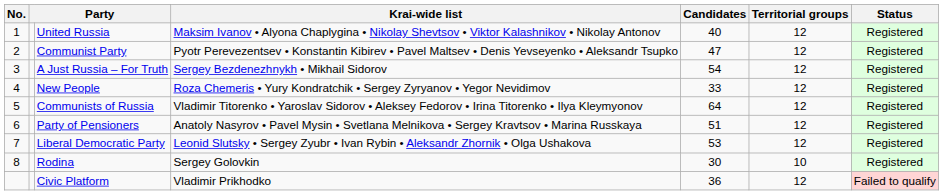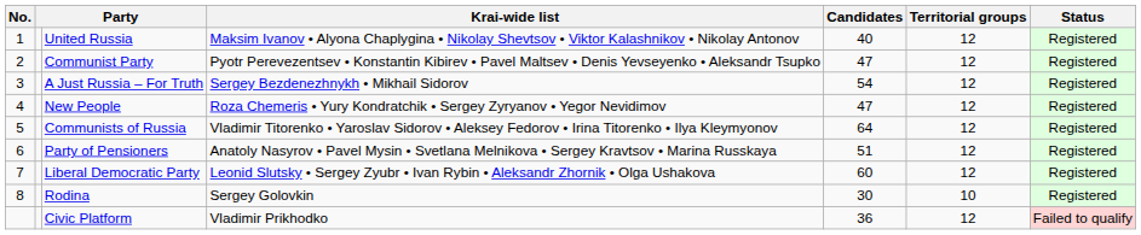 <table class="wikitable sortable" style="background: #f9f9f9; text-align:right; font-size: 95%">
 <tr>
 <th align=center>No.</th>
 <th colspan="2">Party</th>
 <th align=center>Krai-wide list</th>
 <th align=center>Candidates</th>
 <th align=center>Territorial groups</th>
 <th align=center>Status</th>
 </tr>
 <tr>
 <td align=center>1</td>
 <td style="background-color:"></td>
 <td align=left><a href='#'>United Russia</a></td>
 <td align=left><a href='#'>Maksim Ivanov</a> • Alyona Chaplygina • <a href='#'>Nikolay Shevtsov</a> • <a href='#'>Viktor Kalashnikov</a> • Nikolay Antonov</td>
 <td align=center>40</td>
 <td align=center>12</td>
 <td align=center bgcolor="#DFFFDF">Registered</td>
 </tr>
 <tr>
 <td align=center>2</td>
 <td style="background-color:"></td>
 <td align=left><a href='#'>Communist Party</a></td>
 <td align=left>Pyotr Perevezentsev • Konstantin Kibirev • Pavel Maltsev • Denis Yevseyenko • Aleksandr Tsupko</td>
 <td align=center>47</td>
 <td align=center>12</td>
 <td align=center bgcolor="#DFFFDF">Registered</td>
 </tr>
 <tr>
 <td align=center>3</td>
 <td style="background-color:"></td>
 <td align=left><a href='#'>A Just Russia – For Truth</a></td>
 <td align=left><a href='#'>Sergey Bezdenezhnykh</a> • Mikhail Sidorov</td>
 <td align=center>54</td>
 <td align=center>12</td>
 <td align=center bgcolor="#DFFFDF">Registered</td>
 </tr>
 <tr>
 <td align=center>4</td>
 <td style="background-color:"></td>
 <td align=left><a href='#'>New People</a></td>
 <td align=left><a href='#'>Roza Chemeris</a> • Yury Kondratchik • Sergey Zyryanov • Yegor Nevidimov</td>
-<td align=center>33</td>
+<td align=center>47</td>
 <td align=center>12</td>
 <td align=center bgcolor="#DFFFDF">Registered</td>
 </tr>
 <tr>
 <td align=center>5</td>
 <td style="background-color:"></td>
 <td align=left><a href='#'>Communists of Russia</a></td>
 <td align=left>Vladimir Titorenko • Yaroslav Sidorov • Aleksey Fedorov • Irina Titorenko • Ilya Kleymyonov</td>
 <td align=center>64</td>
 <td align=center>12</td>
 <td align=center bgcolor="#DFFFDF">Registered</td>
 </tr>
 <tr>
 <td align=center>6</td>
 <td style="background-color:"></td>
 <td align=left><a href='#'>Party of Pensioners</a></td>
 <td align=left>Anatoly Nasyrov • Pavel Mysin • Svetlana Melnikova • Sergey Kravtsov • Marina Russkaya</td>
 <td align=center>51</td>
 <td align=center>12</td>
 <td align=center bgcolor="#DFFFDF">Registered</td>
 </tr>
 <tr>
 <td align=center>7</td>
 <td style="background-color:"></td>
 <td align=left><a href='#'>Liberal Democratic Party</a></td>
 <td align=left><a href='#'>Leonid Slutsky</a> • Sergey Zyubr • Ivan Rybin • <a href='#'>Aleksandr Zhornik</a> • Olga Ushakova</td>
-<td align=center>53</td>
+<td align=center>60</td>
 <td align=center>12</td>
 <td align=center bgcolor="#DFFFDF">Registered</td>
 </tr>
 <tr>
 <td align=center>8</td>
 <td style="background-color:"></td>
 <td align=left><a href='#'>Rodina</a></td>
 <td align=left>Sergey Golovkin</td>
 <td align=center>30</td>
 <td align=center>10</td>
 <td align=center bgcolor="#DFFFDF">Registered</td>
 </tr>
 <tr>
 <td align=center></td>
 <td style="background-color:"></td>
 <td align=left><a href='#'>Civic Platform</a></td>
 <td align=left>Vladimir Prikhodko</td>
 <td align=center>36</td>
 <td align=center>12</td>
 <td align=center bgcolor="#FFD5D5">Failed to qualify</td>
 </tr>
 </table>
